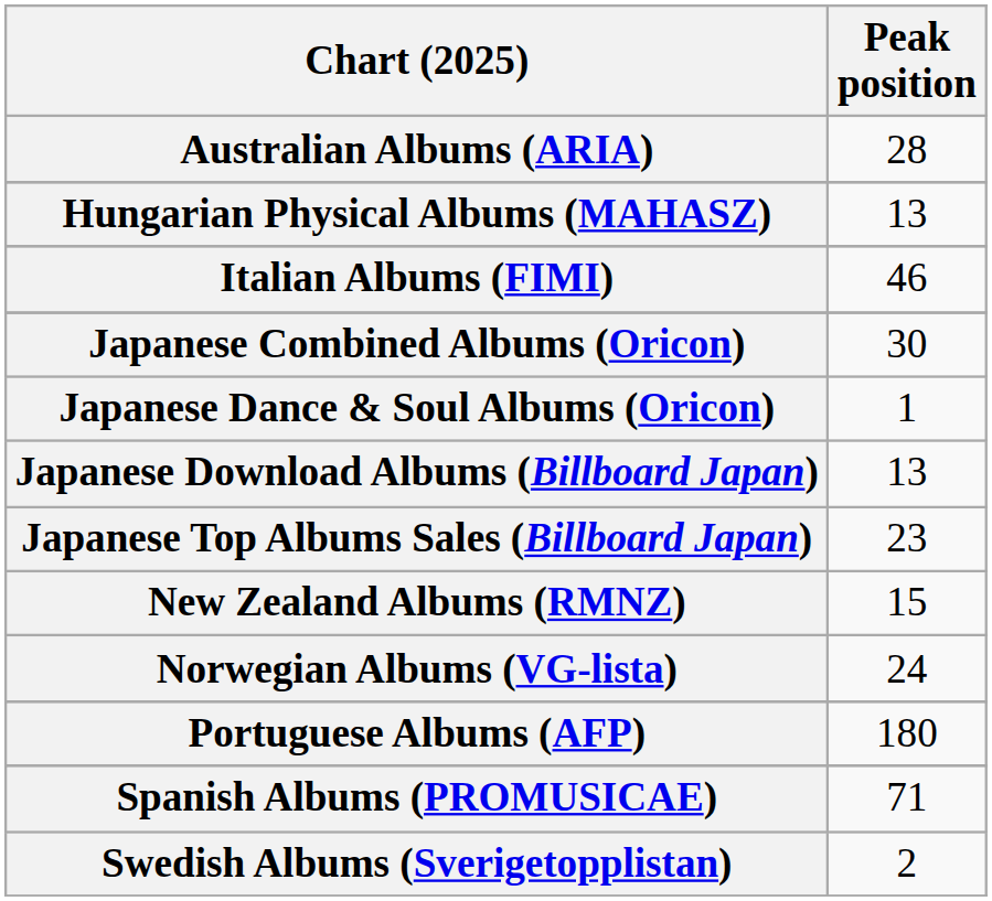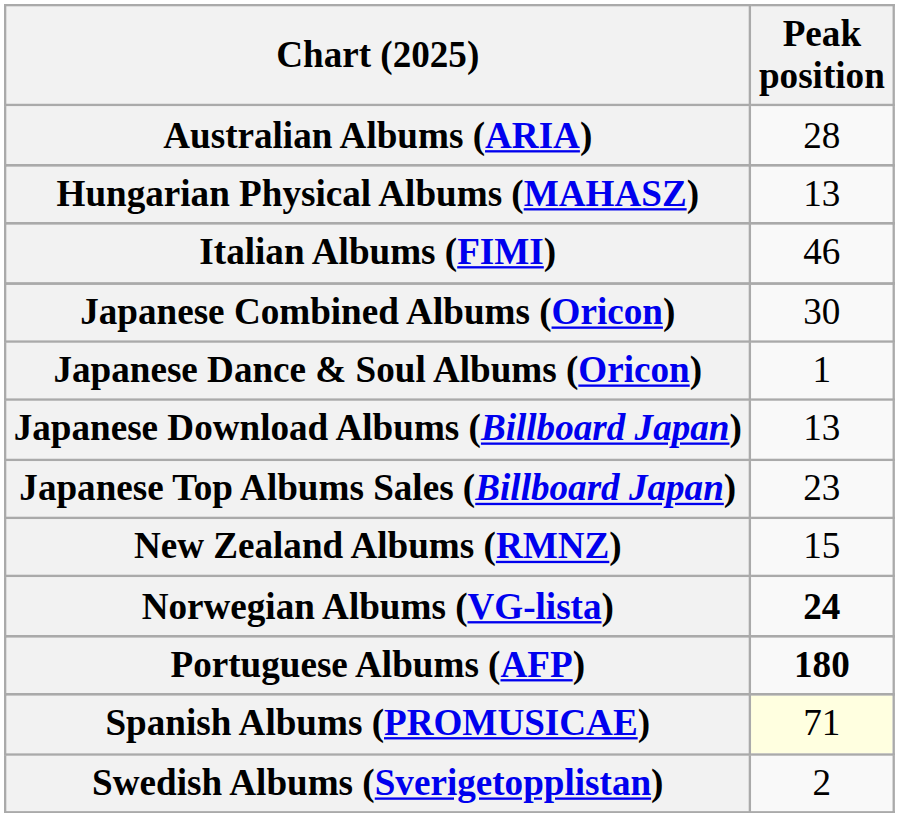 <table class="wikitable sortable plainrowheaders" style="text-align:center">
 <tr>
 <th scope="col">Chart (2025)</th>
 <th scope="col">Peak<br>position</th>
 </tr>
 <tr>
 <th scope="row">Australian Albums (<a href='#'>ARIA</a>)</th>
 <td>28</td>
 </tr>
 <tr>
 </tr>
 <tr>
 </tr>
 <tr>
 </tr>
 <tr>
 </tr>
 <tr>
 </tr>
 <tr>
 </tr>
 <tr>
 </tr>
 <tr>
 <th scope="row">Hungarian Physical Albums (<a href='#'>MAHASZ</a>)</th>
 <td>13</td>
 </tr>
 <tr>
 </tr>
 <tr>
 <th scope="row">Italian Albums (<a href='#'>FIMI</a>)</th>
 <td>46</td>
 </tr>
 <tr>
 </tr>
 <tr>
 <th scope="row">Japanese Combined Albums (<a href='#'>Oricon</a>)</th>
 <td>30</td>
 </tr>
 <tr>
 <th scope="row">Japanese Dance & Soul Albums (<a href='#'>Oricon</a>)</th>
 <td>1</td>
 </tr>
 <tr>
 <th scope="row">Japanese Download Albums (<em><a href='#'>Billboard Japan</a></em>)</th>
 <td>13</td>
 </tr>
 <tr>
 <th scope="row">Japanese Top Albums Sales (<em><a href='#'>Billboard Japan</a></em>)</th>
 <td>23</td>
 </tr>
 <tr>
 <th scope="row">New Zealand Albums (<a href='#'>RMNZ</a>)</th>
 <td>15</td>
 </tr>
 <tr>
 <th scope="row">Norwegian Albums (<a href='#'>VG-lista</a>)</th>
-<td>24</td>
+<td><strong>24</strong></td>
 </tr>
 <tr>
 </tr>
 <tr>
 <th scope="row">Portuguese Albums (<a href='#'>AFP</a>)</th>
-<td>180</td>
+<td><strong>180</strong></td>
 </tr>
 <tr>
 </tr>
 <tr>
 </tr>
 <tr>
 <th scope="row">Spanish Albums (<a href='#'>PROMUSICAE</a>)</th>
-<td>71</td>
+<td style="background: lightyellow;">71</td>
 </tr>
 <tr>
 <th scope="row">Swedish Albums (<a href='#'>Sverigetopplistan</a>)</th>
 <td>2</td>
 </tr>
 <tr>
 </tr>
 <tr>
 </tr>
 <tr>
 </tr>
 <tr>
 </tr>
 <tr>
 </tr>
 </table>
